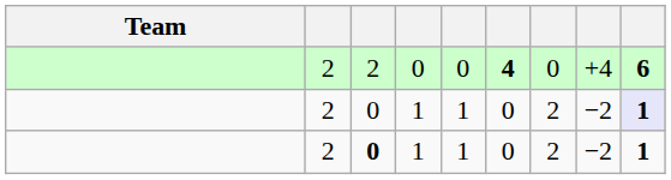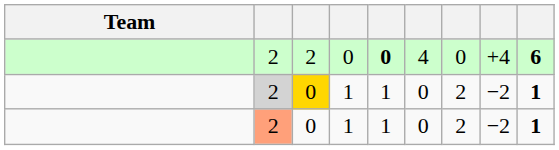 <table class=wikitable style="text-align:center">
 <tr>
 <th width="175">Team</th>
 <th width="20"></th>
 <th width="20"></th>
 <th width="20"></th>
 <th width="20"></th>
 <th width="20"></th>
 <th width="20"></th>
 <th width="20"></th>
 <th width="20"></th>
 </tr>
 <tr bgcolor=ccffcc>
 <td align=left></td>
 <td>2</td>
 <td>2</td>
 <td>0</td>
-<td>0</td>
-<td><strong>4</strong></td>
+<td><strong>0</strong></td>
+<td>4</td>
 <td>0</td>
 <td>+4</td>
 <td><strong>6</strong></td>
 </tr>
 <tr>
 <td align=left></td>
-<td>2</td>
-<td>0</td>
+<td style="background: lightgrey;">2</td>
+<td style="background: gold;">0</td>
 <td>1</td>
 <td>1</td>
 <td>0</td>
 <td>2</td>
 <td>−2</td>
-<td style="background: lavender;"><strong>1</strong></td>
+<td><strong>1</strong></td>
 </tr>
 <tr>
 <td align=left></td>
-<td>2</td>
-<td><strong>0</strong></td>
+<td style="background: lightsalmon;">2</td>
+<td>0</td>
 <td>1</td>
 <td>1</td>
 <td>0</td>
 <td>2</td>
 <td>−2</td>
 <td><strong>1</strong></td>
 </tr>
 </table>
